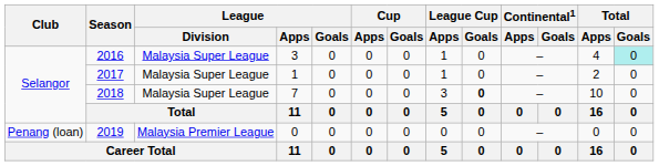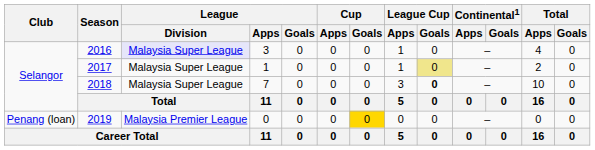 <table class=wikitable style="text-align:center">
 <tr>
 <th rowspan=2>Club</th>
 <th rowspan=2>Season</th>
 <th colspan=3>League</th>
 <th colspan=2>Cup</th>
 <th colspan=2>League Cup</th>
 <th colspan=2>Continental<sup>1</sup></th>
 <th colspan=2>Total</th>
 </tr>
 <tr>
 <th>Division</th>
 <th>Apps</th>
 <th>Goals</th>
 <th>Apps</th>
 <th>Goals</th>
 <th>Apps</th>
 <th>Goals</th>
 <th>Apps</th>
 <th>Goals</th>
 <th>Apps</th>
 <th>Goals</th>
 </tr>
 <tr>
 <td rowspan=4><a href='#'>Selangor</a></td>
 <td><a href='#'>2016</a></td>
-<td><a href='#'>Malaysia Super League</a></td>
+<td style="background: lavender;"><a href='#'>Malaysia Super League</a></td>
 <td>3</td>
 <td>0</td>
 <td>0</td>
 <td>0</td>
 <td>1</td>
 <td>0</td>
 <td colspan=2>–</td>
 <td>4</td>
-<td style="background: paleturquoise;">0</td>
+<td>0</td>
 </tr>
 <tr>
 <td><a href='#'>2017</a></td>
 <td>Malaysia Super League</td>
 <td>1</td>
 <td>0</td>
 <td>0</td>
 <td>0</td>
 <td>1</td>
-<td>0</td>
+<td style="background: khaki;">0</td>
 <td colspan=2>–</td>
 <td>2</td>
 <td>0</td>
 </tr>
 <tr>
 <td><a href='#'>2018</a></td>
 <td>Malaysia Super League</td>
 <td>7</td>
 <td>0</td>
 <td>0</td>
 <td>0</td>
 <td>3</td>
 <td><strong>0</strong></td>
 <td colspan=2>–</td>
 <td>10</td>
 <td>0</td>
 </tr>
 <tr>
 <th colspan="2">Total</th>
 <th>11</th>
 <th>0</th>
 <th>0</th>
 <th>0</th>
 <th>5</th>
 <th>0</th>
 <th>0</th>
 <th>0</th>
 <th>16</th>
 <th>0</th>
 </tr>
 <tr>
 <td rowspan=1><a href='#'>Penang</a> (loan)</td>
 <td><a href='#'>2019</a></td>
 <td><a href='#'>Malaysia Premier League</a></td>
 <td>0</td>
 <td>0</td>
 <td>0</td>
-<td>0</td>
+<td style="background: gold;">0</td>
 <td>0</td>
 <td>0</td>
 <td colspan=2>–</td>
 <td>0</td>
 <td>0</td>
 </tr>
 <tr>
 <th colspan="3">Career Total</th>
 <th>11</th>
 <th>0</th>
 <th>0</th>
 <th>0</th>
 <th>5</th>
 <th>0</th>
 <th>0</th>
 <th>0</th>
 <th>16</th>
 <th>0</th>
 </tr>
 </table>
